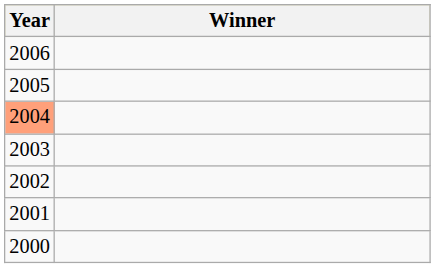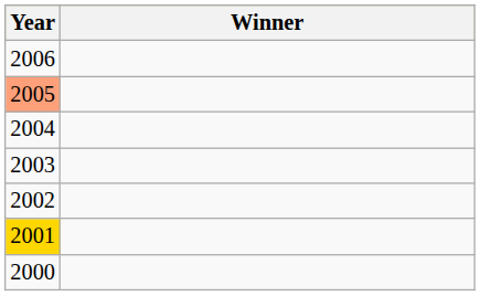 <table class="wikitable">
 <tr bgcolor=#bdb76b>
 <th style="width:2em;">Year</th>
 <th style="width:18em;">Winner</th>
 </tr>
 <tr>
 <td>2006</td>
 <td></td>
 </tr>
 <tr>
-<td>2005</td>
+<td style="background: lightsalmon;">2005</td>
 <td></td>
 </tr>
 <tr>
-<td style="background: lightsalmon;">2004</td>
+<td>2004</td>
 <td></td>
 </tr>
 <tr>
 <td>2003</td>
 <td></td>
 </tr>
 <tr>
 <td>2002</td>
 <td></td>
 </tr>
 <tr>
-<td>2001</td>
+<td style="background: gold;">2001</td>
 <td></td>
 </tr>
 <tr>
 <td>2000</td>
 <td></td>
 </tr>
 </table>
